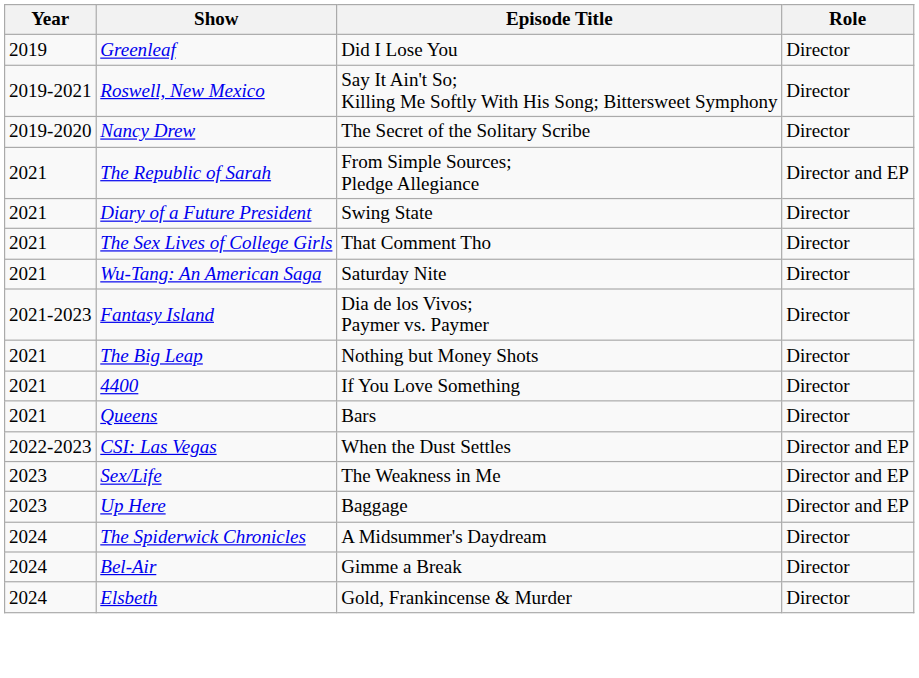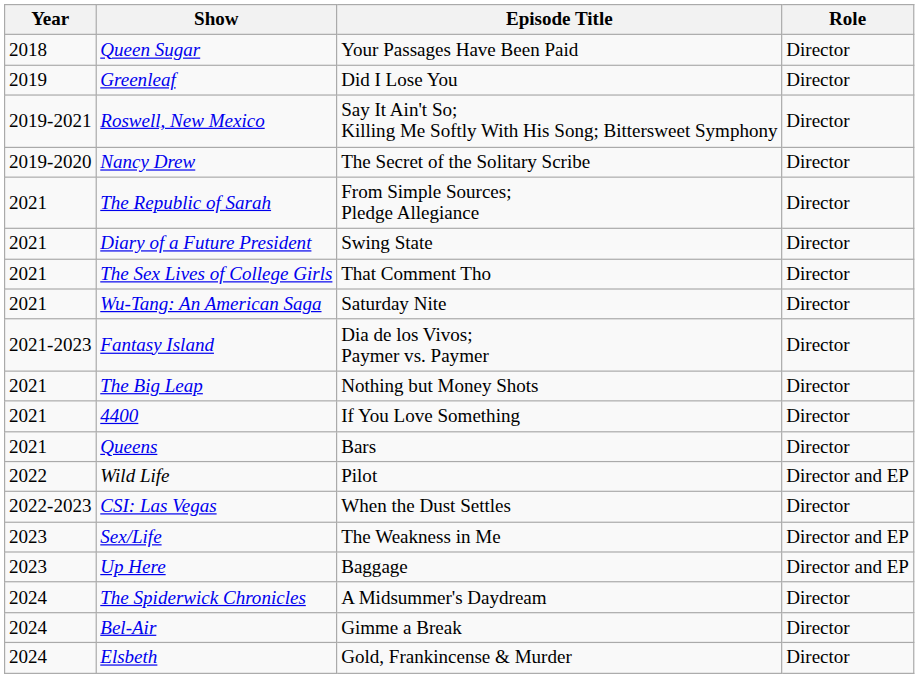 <table class="wikitable">
 <tr>
 <th>Year</th>
 <th>Show</th>
 <th>Episode Title</th>
 <th>Role</th>
+</tr>
+<tr>
+<td>2018</td>
+<td><em><a href='#'>Queen Sugar</a></em></td>
+<td>Your Passages Have Been Paid</td>
+<td>Director</td>
 </tr>
 <tr>
 <td>2019</td>
 <td><em><a href='#'>Greenleaf</a></em></td>
 <td>Did I Lose You</td>
 <td>Director</td>
 </tr>
 <tr>
 <td>2019-2021</td>
 <td><em><a href='#'>Roswell, New Mexico</a></em></td>
 <td>Say It Ain't So;<br>Killing Me Softly With His Song;  Bittersweet Symphony</td>
 <td>Director</td>
 </tr>
 <tr>
 <td>2019-2020</td>
 <td><em><a href='#'>Nancy Drew</a></em></td>
 <td>The Secret of the Solitary Scribe</td>
 <td>Director</td>
 </tr>
 <tr>
 <td>2021</td>
 <td><em><a href='#'>The Republic of Sarah</a></em></td>
 <td>From Simple Sources;<br>Pledge Allegiance</td>
-<td>Director and EP</td>
+<td>Director</td>
 </tr>
 <tr>
 <td>2021</td>
 <td><em><a href='#'>Diary of a Future President</a></em></td>
 <td>Swing State</td>
 <td>Director</td>
 </tr>
 <tr>
 <td>2021</td>
 <td><em><a href='#'>The Sex Lives of College Girls</a></em></td>
 <td>That Comment Tho</td>
 <td>Director</td>
 </tr>
 <tr>
 <td>2021</td>
 <td><em><a href='#'>Wu-Tang: An American Saga</a></em></td>
 <td>Saturday Nite</td>
 <td>Director</td>
 </tr>
 <tr>
 <td>2021-2023</td>
 <td><em><a href='#'>Fantasy Island</a></em></td>
 <td>Dia de los Vivos;<br>Paymer vs. Paymer</td>
 <td>Director</td>
 </tr>
 <tr>
 <td>2021</td>
 <td><em><a href='#'>The Big Leap</a></em></td>
 <td>Nothing but Money Shots</td>
 <td>Director</td>
 </tr>
 <tr>
 <td>2021</td>
 <td><em><a href='#'>4400</a></em></td>
 <td>If You Love Something</td>
 <td>Director</td>
 </tr>
 <tr>
 <td>2021</td>
 <td><em><a href='#'>Queens</a></em></td>
 <td>Bars</td>
 <td>Director</td>
 </tr>
 <tr>
+<td>2022</td>
+<td><em>Wild Life</em></td>
+<td>Pilot</td>
+<td>Director and EP</td>
+</tr>
+<tr>
 <td>2022-2023</td>
 <td><em><a href='#'>CSI: Las Vegas</a></em></td>
 <td>When the Dust Settles</td>
-<td>Director and EP</td>
+<td>Director</td>
 </tr>
 <tr>
 <td>2023</td>
 <td><em><a href='#'>Sex/Life</a></em></td>
 <td>The Weakness in Me</td>
 <td>Director and EP</td>
 </tr>
 <tr>
 <td>2023</td>
 <td><em><a href='#'>Up Here</a></em></td>
 <td>Baggage</td>
 <td>Director and EP</td>
 </tr>
 <tr>
 <td>2024</td>
 <td><em><a href='#'>The Spiderwick Chronicles</a></em></td>
 <td>A Midsummer's Daydream</td>
 <td>Director</td>
 </tr>
 <tr>
 <td>2024</td>
 <td><em><a href='#'>Bel-Air</a></em></td>
 <td>Gimme a Break</td>
 <td>Director</td>
 </tr>
 <tr>
 <td>2024</td>
 <td><em><a href='#'>Elsbeth</a></em></td>
 <td>Gold, Frankincense & Murder</td>
 <td>Director</td>
 </tr>
 </table>
